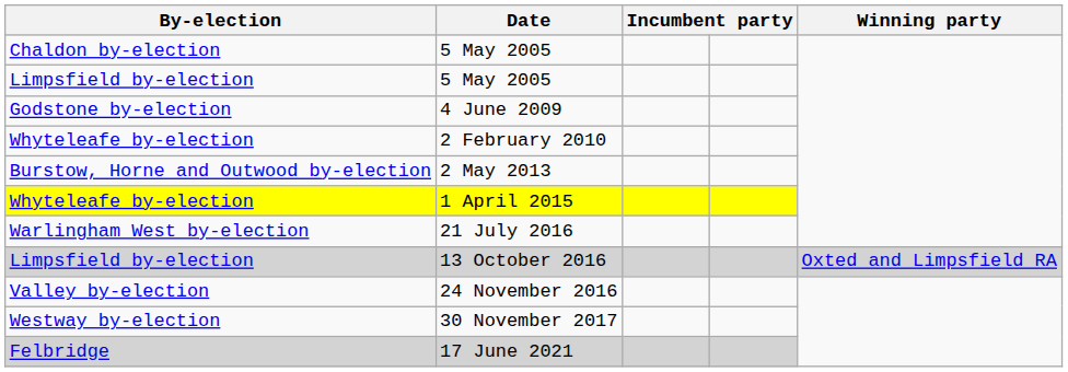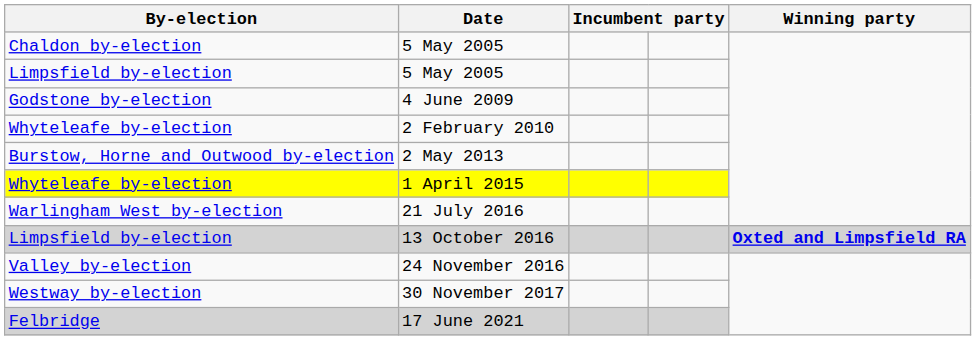 <table class="wikitable">
 <tr>
 <th>By-election</th>
 <th>Date</th>
 <th colspan=2>Incumbent party</th>
 <th colspan=2>Winning party</th>
 </tr>
 <tr>
 <td><a href='#'>Chaldon by-election</a></td>
 <td>5 May 2005</td>
 <td></td>
 <td></td>
 </tr>
 <tr>
 <td><a href='#'>Limpsfield by-election</a></td>
 <td>5 May 2005</td>
 <td></td>
 <td></td>
 </tr>
 <tr>
 <td><a href='#'>Godstone by-election</a></td>
 <td>4 June 2009</td>
 <td></td>
 <td></td>
 </tr>
 <tr>
 <td><a href='#'>Whyteleafe by-election</a></td>
 <td>2 February 2010</td>
 <td></td>
 <td></td>
 </tr>
 <tr>
 <td><a href='#'>Burstow, Horne and Outwood by-election</a></td>
 <td>2 May 2013</td>
 <td></td>
 <td></td>
 </tr>
 <tr bgcolor=yellow>
 <td><a href='#'>Whyteleafe by-election</a></td>
 <td>1 April 2015</td>
 <td></td>
 <td></td>
 </tr>
 <tr>
 <td><a href='#'>Warlingham West by-election</a></td>
 <td>21 July 2016</td>
 <td></td>
 <td></td>
 </tr>
 <tr bgcolor=#D3D3D3>
 <td><a href='#'>Limpsfield by-election</a></td>
 <td>13 October 2016</td>
 <td></td>
 <td bgcolor=></td>
-<td><a href='#'>Oxted and Limpsfield RA</a></td>
+<td><strong><a href='#'>Oxted and Limpsfield RA</a></strong></td>
 </tr>
 <tr>
 <td><a href='#'>Valley by-election</a></td>
 <td>24 November 2016</td>
 <td></td>
 <td></td>
 </tr>
 <tr>
 <td><a href='#'>Westway by-election</a></td>
 <td>30 November 2017</td>
 <td></td>
 <td></td>
 </tr>
 <tr bgcolor=#D3D3D3>
 <td><a href='#'>Felbridge</a></td>
 <td>17 June 2021</td>
 <td></td>
 <td></td>
 </tr>
 </table>
